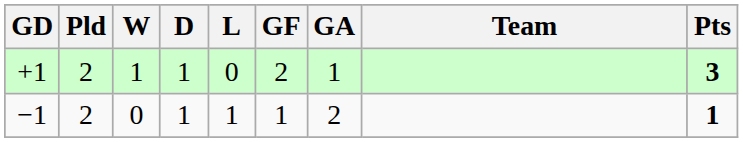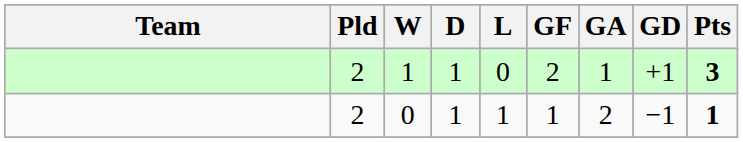 <table class="wikitable" style="text-align:center;">
 <tr>
-<th width=20>GD</th>
+<th width=180>Team</th>
 <th width=20>Pld</th>
 <th width=20>W</th>
 <th width=20>D</th>
 <th width=20>L</th>
 <th width=20>GF</th>
 <th width=20>GA</th>
-<th width=180>Team</th>
+<th width=20>GD</th>
 <th width=20>Pts</th>
 </tr>
 <tr style="background:#cfc;">
-<td>+1</td>
+<td align="left"></td>
 <td>2</td>
 <td>1</td>
 <td>1</td>
 <td>0</td>
 <td>2</td>
 <td>1</td>
-<td align="left"></td>
+<td>+1</td>
 <td><strong>3</strong></td>
 </tr>
 <tr>
-<td>−1</td>
+<td align="left"></td>
 <td>2</td>
 <td>0</td>
 <td>1</td>
 <td>1</td>
 <td>1</td>
 <td>2</td>
-<td align="left"></td>
+<td>−1</td>
 <td><strong>1</strong></td>
 </tr>
 </table>
